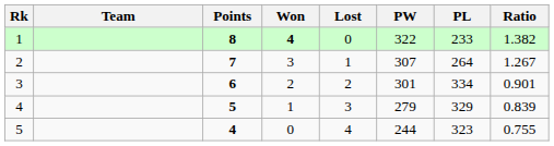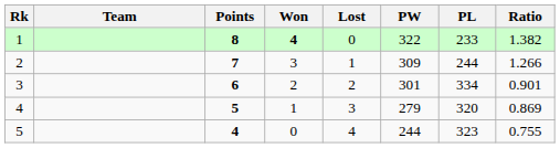 <table class=wikitable style="text-align:center">
 <tr bgcolor="#DCDCDC">
 <th width="25">Rk</th>
 <th width="200">Team</th>
 <th width="60">Points</th>
 <th width="60">Won</th>
 <th width="60">Lost</th>
 <th width="60">PW</th>
 <th width="60">PL</th>
 <th width="60">Ratio</th>
 </tr>
 <tr bgcolor=#CCFFCC>
 <td>1</td>
 <td align=left></td>
 <td><strong>8</strong></td>
 <td><strong>4</strong></td>
 <td>0</td>
 <td>322</td>
 <td>233</td>
 <td>1.382</td>
 </tr>
 <tr>
 <td>2</td>
 <td align=left></td>
 <td><strong>7</strong></td>
 <td>3</td>
 <td>1</td>
-<td>307</td>
-<td>264</td>
-<td>1.267</td>
+<td>309</td>
+<td>244</td>
+<td>1.266</td>
 </tr>
 <tr>
 <td>3</td>
 <td align=left></td>
 <td><strong>6</strong></td>
 <td>2</td>
 <td>2</td>
 <td>301</td>
 <td>334</td>
 <td>0.901</td>
 </tr>
 <tr>
 <td>4</td>
 <td align=left></td>
 <td><strong>5</strong></td>
 <td>1</td>
 <td>3</td>
 <td>279</td>
-<td>329</td>
-<td>0.839</td>
+<td>320</td>
+<td>0.869</td>
 </tr>
 <tr>
 <td>5</td>
 <td align=left></td>
 <td><strong>4</strong></td>
 <td>0</td>
 <td>4</td>
 <td>244</td>
 <td>323</td>
 <td>0.755</td>
 </tr>
 </table>
